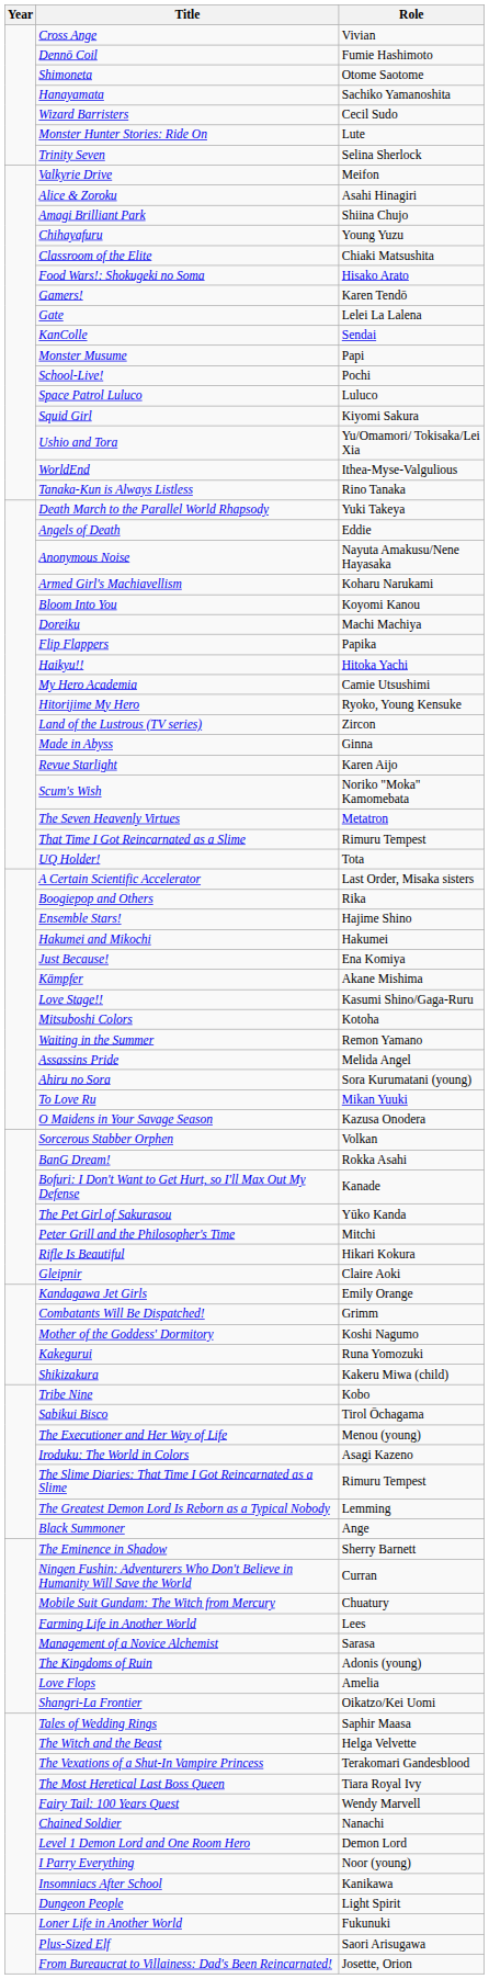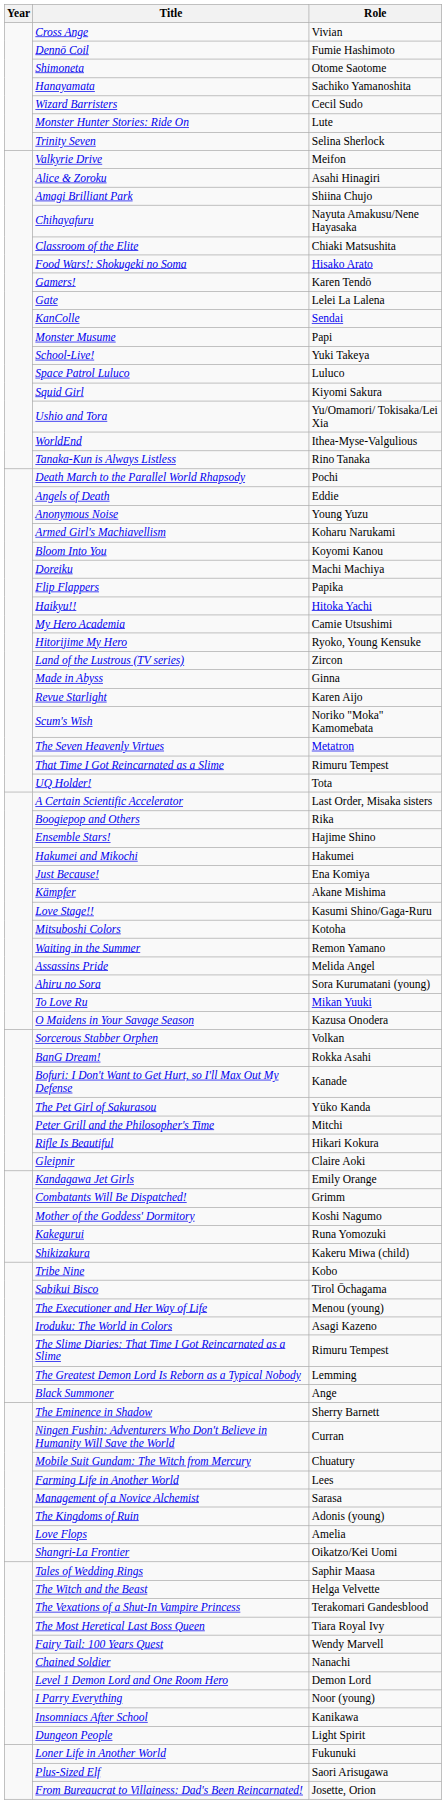 <table class="wikitable sortable plainrowheaders">
 <tr>
 <th>Year</th>
 <th>Title</th>
 <th>Role</th>
 </tr>
 <tr>
 <td rowspan="7"></td>
 <td><em><a href='#'>Cross Ange</a></em></td>
 <td>Vivian</td>
 </tr>
 <tr>
 <td><em><a href='#'>Dennō Coil</a></em></td>
 <td>Fumie Hashimoto</td>
 </tr>
 <tr>
 <td><em><a href='#'>Shimoneta</a></em></td>
 <td>Otome Saotome</td>
 </tr>
 <tr>
 <td><em><a href='#'>Hanayamata</a></em></td>
 <td>Sachiko Yamanoshita</td>
 </tr>
 <tr>
 <td><em><a href='#'>Wizard Barristers</a></em></td>
 <td>Cecil Sudo</td>
 </tr>
 <tr>
 <td><em><a href='#'>Monster Hunter Stories: Ride On</a></em></td>
 <td>Lute</td>
 </tr>
 <tr>
 <td><em><a href='#'>Trinity Seven</a></em></td>
 <td>Selina Sherlock</td>
 </tr>
 <tr>
 <td rowspan="16"></td>
 <td><em><a href='#'>Valkyrie Drive</a></em></td>
 <td>Meifon </td>
 </tr>
 <tr>
 <td><em><a href='#'>Alice & Zoroku</a></em></td>
 <td>Asahi Hinagiri</td>
 </tr>
 <tr>
 <td><em><a href='#'>Amagi Brilliant Park</a></em></td>
 <td>Shiina Chujo</td>
 </tr>
 <tr>
 <td><em><a href='#'>Chihayafuru</a></em></td>
-<td>Young Yuzu</td>
+<td>Nayuta Amakusu/Nene Hayasaka</td>
 </tr>
 <tr>
 <td><em><a href='#'>Classroom of the Elite</a></em></td>
 <td>Chiaki Matsushita</td>
 </tr>
 <tr>
 <td><em><a href='#'>Food Wars!: Shokugeki no Soma</a></em></td>
 <td><a href='#'>Hisako Arato</a></td>
 </tr>
 <tr>
 <td><em><a href='#'>Gamers!</a></em></td>
 <td>Karen Tendō</td>
 </tr>
 <tr>
 <td><em><a href='#'>Gate</a></em></td>
 <td>Lelei La Lalena</td>
 </tr>
 <tr>
 <td><em><a href='#'>KanColle</a></em></td>
 <td><a href='#'>Sendai</a></td>
 </tr>
 <tr>
 <td><em><a href='#'>Monster Musume</a></em></td>
 <td>Papi</td>
 </tr>
 <tr>
 <td><em><a href='#'>School-Live!</a></em></td>
-<td>Pochi</td>
+<td>Yuki Takeya</td>
 </tr>
 <tr>
 <td><em><a href='#'>Space Patrol Luluco</a></em></td>
 <td>Luluco</td>
 </tr>
 <tr>
 <td><em><a href='#'>Squid Girl</a></em></td>
 <td>Kiyomi Sakura</td>
 </tr>
 <tr>
 <td><em><a href='#'>Ushio and Tora</a></em></td>
 <td>Yu/Omamori/ Tokisaka/Lei Xia</td>
 </tr>
 <tr>
 <td><em><a href='#'>WorldEnd</a></em></td>
 <td>Ithea-Myse-Valgulious</td>
 </tr>
 <tr>
 <td><em><a href='#'>Tanaka-Kun is Always Listless</a></em></td>
 <td>Rino Tanaka</td>
 </tr>
 <tr>
 <td rowspan="17"></td>
 <td><em><a href='#'>Death March to the Parallel World Rhapsody</a></em></td>
-<td>Yuki Takeya</td>
+<td>Pochi</td>
 </tr>
 <tr>
 <td><em><a href='#'>Angels of Death</a></em></td>
 <td>Eddie</td>
 </tr>
 <tr>
 <td><em><a href='#'>Anonymous Noise</a></em></td>
-<td>Nayuta Amakusu/Nene Hayasaka</td>
+<td>Young Yuzu</td>
 </tr>
 <tr>
 <td><em><a href='#'>Armed Girl's Machiavellism</a></em></td>
 <td>Koharu Narukami</td>
 </tr>
 <tr>
 <td><em><a href='#'>Bloom Into You</a></em></td>
 <td>Koyomi Kanou</td>
 </tr>
 <tr>
 <td><em><a href='#'>Doreiku</a></em></td>
 <td>Machi Machiya</td>
 </tr>
 <tr>
 <td><em><a href='#'>Flip Flappers</a></em></td>
 <td>Papika</td>
 </tr>
 <tr>
 <td><em><a href='#'>Haikyu!!</a></em></td>
 <td><a href='#'>Hitoka Yachi</a></td>
 </tr>
 <tr>
 <td><em><a href='#'>My Hero Academia</a></em></td>
 <td>Camie Utsushimi</td>
 </tr>
 <tr>
 <td><em><a href='#'>Hitorijime My Hero</a></em></td>
 <td>Ryoko, Young Kensuke</td>
 </tr>
 <tr>
 <td><em><a href='#'>Land of the Lustrous (TV series)</a></em></td>
 <td>Zircon</td>
 </tr>
 <tr>
 <td><em><a href='#'>Made in Abyss</a></em></td>
 <td>Ginna</td>
 </tr>
 <tr>
 <td><em><a href='#'>Revue Starlight</a></em></td>
 <td>Karen Aijo</td>
 </tr>
 <tr>
 <td><em><a href='#'>Scum's Wish</a></em></td>
 <td>Noriko "Moka" Kamomebata</td>
 </tr>
 <tr>
 <td><em><a href='#'>The Seven Heavenly Virtues</a></em></td>
 <td><a href='#'>Metatron</a></td>
 </tr>
 <tr>
 <td><em><a href='#'>That Time I Got Reincarnated as a Slime</a></em></td>
 <td>Rimuru Tempest</td>
 </tr>
 <tr>
 <td><em><a href='#'>UQ Holder!</a></em></td>
 <td>Tota</td>
 </tr>
 <tr>
 <td rowspan="13"></td>
 <td><em><a href='#'>A Certain Scientific Accelerator</a></em></td>
 <td>Last Order, Misaka sisters</td>
 </tr>
 <tr>
 <td><em><a href='#'>Boogiepop and Others</a></em></td>
 <td>Rika</td>
 </tr>
 <tr>
 <td><em><a href='#'>Ensemble Stars!</a></em></td>
 <td>Hajime Shino</td>
 </tr>
 <tr>
 <td><em><a href='#'>Hakumei and Mikochi</a></em></td>
 <td>Hakumei</td>
 </tr>
 <tr>
 <td><em><a href='#'>Just Because!</a></em></td>
 <td>Ena Komiya</td>
 </tr>
 <tr>
 <td><em><a href='#'>Kämpfer</a></em></td>
 <td>Akane Mishima</td>
 </tr>
 <tr>
 <td><em><a href='#'>Love Stage!!</a></em></td>
 <td>Kasumi Shino/Gaga-Ruru</td>
 </tr>
 <tr>
 <td><em><a href='#'>Mitsuboshi Colors</a></em></td>
 <td>Kotoha</td>
 </tr>
 <tr>
 <td><em><a href='#'>Waiting in the Summer</a></em></td>
 <td>Remon Yamano</td>
 </tr>
 <tr>
 <td><em><a href='#'>Assassins Pride</a></em></td>
 <td>Melida Angel</td>
 </tr>
 <tr>
 <td><em><a href='#'>Ahiru no Sora</a></em></td>
 <td>Sora Kurumatani (young)</td>
 </tr>
 <tr>
 <td><em><a href='#'>To Love Ru</a></em></td>
 <td><a href='#'>Mikan Yuuki</a></td>
 </tr>
 <tr>
 <td><em><a href='#'>O Maidens in Your Savage Season</a></em></td>
 <td>Kazusa Onodera</td>
 </tr>
 <tr>
 <td rowspan="7"></td>
 <td><em><a href='#'>Sorcerous Stabber Orphen</a></em></td>
 <td>Volkan</td>
 </tr>
 <tr>
 <td><em><a href='#'>BanG Dream!</a></em></td>
 <td>Rokka Asahi</td>
 </tr>
 <tr>
 <td><em><a href='#'>Bofuri: I Don't Want to Get Hurt, so I'll Max Out My Defense</a></em></td>
 <td>Kanade</td>
 </tr>
 <tr>
 <td><em><a href='#'>The Pet Girl of Sakurasou</a></em></td>
 <td>Yūko Kanda</td>
 </tr>
 <tr>
 <td><em><a href='#'>Peter Grill and the Philosopher's Time</a></em></td>
 <td>Mitchi</td>
 </tr>
 <tr>
 <td><em><a href='#'>Rifle Is Beautiful</a></em></td>
 <td>Hikari Kokura</td>
 </tr>
 <tr>
 <td><em><a href='#'>Gleipnir</a></em></td>
 <td>Claire Aoki</td>
 </tr>
 <tr>
 <td rowspan="5"></td>
 <td><em><a href='#'>Kandagawa Jet Girls</a></em></td>
 <td>Emily Orange</td>
 </tr>
 <tr>
 <td><em><a href='#'>Combatants Will Be Dispatched!</a></em></td>
 <td>Grimm</td>
 </tr>
 <tr>
 <td><em><a href='#'>Mother of the Goddess' Dormitory</a></em></td>
 <td>Koshi Nagumo</td>
 </tr>
 <tr>
 <td><em><a href='#'>Kakegurui</a></em></td>
 <td>Runa Yomozuki</td>
 </tr>
 <tr>
 <td><em><a href='#'>Shikizakura</a></em></td>
 <td>Kakeru Miwa (child)</td>
 </tr>
 <tr>
 <td rowspan="7"></td>
 <td><em><a href='#'>Tribe Nine</a></em></td>
 <td>Kobo</td>
 </tr>
 <tr>
 <td><em><a href='#'>Sabikui Bisco</a></em></td>
 <td>Tirol Ōchagama</td>
 </tr>
 <tr>
 <td><em><a href='#'>The Executioner and Her Way of Life</a></em></td>
 <td>Menou (young)</td>
 </tr>
 <tr>
 <td><em><a href='#'>Iroduku: The World in Colors</a></em></td>
 <td>Asagi Kazeno</td>
 </tr>
 <tr>
 <td><em><a href='#'>The Slime Diaries: That Time I Got Reincarnated as a Slime</a></em></td>
 <td>Rimuru Tempest</td>
 </tr>
 <tr>
 <td><em><a href='#'>The Greatest Demon Lord Is Reborn as a Typical Nobody</a></em></td>
 <td>Lemming</td>
 </tr>
 <tr>
 <td><em><a href='#'>Black Summoner</a></em></td>
 <td>Ange</td>
 </tr>
 <tr>
 <td rowspan="8"></td>
 <td><em><a href='#'>The Eminence in Shadow</a></em></td>
 <td>Sherry Barnett</td>
 </tr>
 <tr>
 <td><em><a href='#'>Ningen Fushin: Adventurers Who Don't Believe in Humanity Will Save the World</a></em></td>
 <td>Curran</td>
 </tr>
 <tr>
 <td><em><a href='#'>Mobile Suit Gundam: The Witch from Mercury</a></em></td>
 <td>Chuatury</td>
 </tr>
 <tr>
 <td><em><a href='#'>Farming Life in Another World</a></em></td>
 <td>Lees</td>
 </tr>
 <tr>
 <td><em><a href='#'>Management of a Novice Alchemist</a></em></td>
 <td>Sarasa</td>
 </tr>
 <tr>
 <td><em><a href='#'>The Kingdoms of Ruin</a></em></td>
 <td>Adonis (young)</td>
 </tr>
 <tr>
 <td><em><a href='#'>Love Flops</a></em></td>
 <td>Amelia</td>
 </tr>
 <tr>
 <td><em><a href='#'>Shangri-La Frontier</a></em></td>
 <td>Oikatzo/Kei Uomi</td>
 </tr>
 <tr>
 <td rowspan="10"></td>
 <td><em><a href='#'>Tales of Wedding Rings</a></em></td>
 <td>Saphir Maasa</td>
 </tr>
 <tr>
 <td><em><a href='#'>The Witch and the Beast</a></em></td>
 <td>Helga Velvette</td>
 </tr>
 <tr>
 <td><em><a href='#'>The Vexations of a Shut-In Vampire Princess</a></em></td>
 <td>Terakomari Gandesblood</td>
 </tr>
 <tr>
 <td><em><a href='#'>The Most Heretical Last Boss Queen</a></em></td>
 <td>Tiara Royal Ivy</td>
 </tr>
 <tr>
 <td><em><a href='#'>Fairy Tail: 100 Years Quest</a></em></td>
 <td>Wendy Marvell</td>
 </tr>
 <tr>
 <td><em><a href='#'>Chained Soldier</a></em></td>
 <td>Nanachi</td>
 </tr>
 <tr>
 <td><em><a href='#'>Level 1 Demon Lord and One Room Hero</a></em></td>
 <td>Demon Lord</td>
 </tr>
 <tr>
 <td><em><a href='#'>I Parry Everything</a></em></td>
 <td>Noor (young)</td>
 </tr>
 <tr>
 <td><em><a href='#'>Insomniacs After School</a></em></td>
 <td>Kanikawa</td>
 </tr>
 <tr>
 <td><em><a href='#'>Dungeon People</a></em></td>
 <td>Light Spirit</td>
 </tr>
 <tr>
 <td rowspan="3"></td>
 <td><em><a href='#'>Loner Life in Another World</a></em></td>
 <td>Fukunuki</td>
 </tr>
 <tr>
 <td><em><a href='#'>Plus-Sized Elf</a></em></td>
 <td>Saori Arisugawa</td>
 </tr>
 <tr>
 <td><em><a href='#'>From Bureaucrat to Villainess: Dad's Been Reincarnated!</a></em></td>
 <td>Josette, Orion</td>
 </tr>
 </table>
